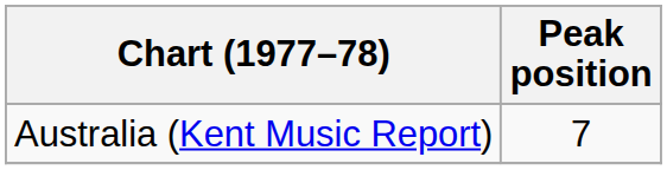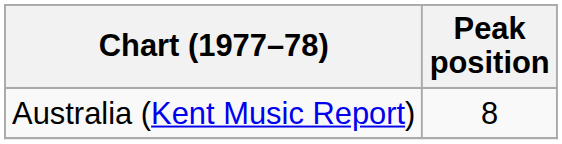 <table class="wikitable">
 <tr>
 <th scope="col">Chart (1977–78)</th>
 <th>Peak<br>position</th>
 </tr>
 <tr>
 </tr>
 <tr>
 <td>Australia (<a href='#'>Kent Music Report</a>)</td>
-<td style="text-align:center;">7</td>
+<td style="text-align:center;">8</td>
 </tr>
 <tr>
 </tr>
 <tr>
 </tr>
 <tr>
 </tr>
 <tr>
 </tr>
 <tr>
 </tr>
 <tr>
 </tr>
 <tr>
 </tr>
 </table>
